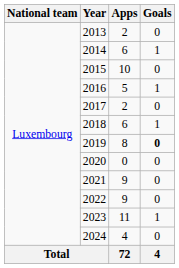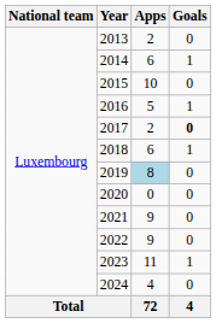 <table class="wikitable" style="text-align:center">
 <tr>
 <th>National team</th>
 <th>Year</th>
 <th>Apps</th>
 <th>Goals</th>
 </tr>
 <tr>
 <td rowspan="12"><a href='#'>Luxembourg</a></td>
 <td>2013</td>
 <td>2</td>
 <td>0</td>
 </tr>
 <tr>
 <td>2014</td>
 <td>6</td>
 <td>1</td>
 </tr>
 <tr>
 <td>2015</td>
 <td>10</td>
 <td>0</td>
 </tr>
 <tr>
 <td>2016</td>
 <td>5</td>
 <td>1</td>
 </tr>
 <tr>
 <td>2017</td>
 <td>2</td>
-<td>0</td>
+<td><strong>0</strong></td>
 </tr>
 <tr>
 <td>2018</td>
 <td>6</td>
 <td>1</td>
 </tr>
 <tr>
 <td>2019</td>
-<td>8</td>
-<td><strong>0</strong></td>
+<td style="background: lightblue;">8</td>
+<td>0</td>
 </tr>
 <tr>
 <td>2020</td>
 <td>0</td>
 <td>0</td>
 </tr>
 <tr>
 <td>2021</td>
 <td>9</td>
 <td>0</td>
 </tr>
 <tr>
 <td>2022</td>
 <td>9</td>
 <td>0</td>
 </tr>
 <tr>
 <td>2023</td>
 <td>11</td>
 <td>1</td>
 </tr>
 <tr>
 <td>2024</td>
 <td>4</td>
 <td>0</td>
 </tr>
 <tr>
 <th colspan="2">Total</th>
 <th>72</th>
 <th>4</th>
 </tr>
 </table>
